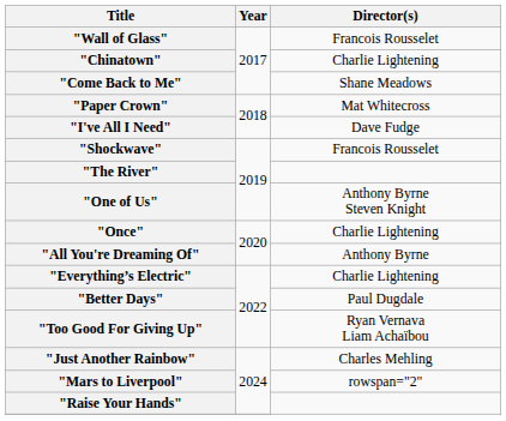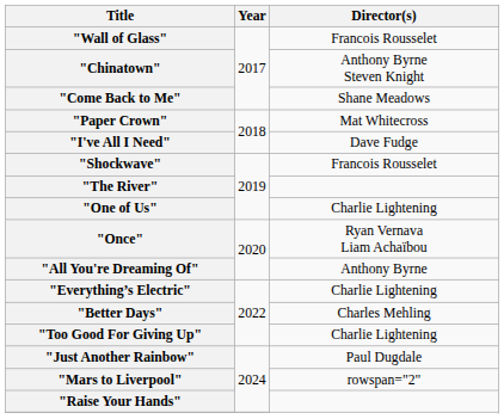 <table class="wikitable plainrowheaders" style="text-align:center;">
 <tr>
 <th scope="col" style="width:16em;">Title</th>
 <th scope="col">Year</th>
 <th scope="col" style="width:16em;">Director(s)</th>
 </tr>
 <tr>
 <th scope="row">"Wall of Glass"</th>
 <td rowspan="3">2017</td>
 <td>Francois Rousselet</td>
 </tr>
 <tr>
 <th scope="row">"Chinatown"</th>
-<td>Charlie Lightening</td>
+<td>Anthony Byrne <br> Steven Knight</td>
 </tr>
 <tr>
 <th scope="row">"Come Back to Me"</th>
 <td>Shane Meadows</td>
 </tr>
 <tr>
 <th scope="row">"Paper Crown"</th>
 <td rowspan="2">2018</td>
 <td>Mat Whitecross</td>
 </tr>
 <tr>
 <th scope="row">"I've All I Need"</th>
 <td>Dave Fudge</td>
 </tr>
 <tr>
 <th scope="row">"Shockwave"</th>
 <td rowspan="3">2019</td>
 <td>Francois Rousselet</td>
 </tr>
 <tr>
 <th scope="row">"The River"</th>
 <td></td>
 </tr>
 <tr>
 <th scope="row">"One of Us"</th>
-<td>Anthony Byrne <br> Steven Knight</td>
+<td>Charlie Lightening</td>
 </tr>
 <tr>
 <th scope="row">"Once"</th>
 <td rowspan="2">2020</td>
-<td>Charlie Lightening</td>
+<td>Ryan Vernava <br> Liam Achaïbou</td>
 </tr>
 <tr>
 <th scope="row">"All You're Dreaming Of"</th>
 <td>Anthony Byrne</td>
 </tr>
 <tr>
 <th scope="row">"Everything’s Electric"</th>
 <td rowspan="3">2022</td>
 <td>Charlie Lightening</td>
 </tr>
 <tr>
 <th scope="row">"Better Days"</th>
-<td>Paul Dugdale</td>
+<td>Charles Mehling</td>
 </tr>
 <tr>
 <th scope="row">"Too Good For Giving Up"</th>
-<td>Ryan Vernava <br> Liam Achaïbou</td>
+<td>Charlie Lightening</td>
 </tr>
 <tr>
 <th scope="row">"Just Another Rainbow"</th>
 <td rowspan="3">2024</td>
-<td>Charles Mehling</td>
+<td>Paul Dugdale</td>
 </tr>
 <tr>
 <th scope="row">"Mars to Liverpool"</th>
 <td>rowspan="2" </td>
 </tr>
 <tr>
 <th scope="row">"Raise Your Hands"</th>
 </tr>
 <tr>
 </tr>
 </table>
